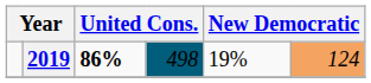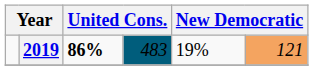 <table class="wikitable" style="float:right; width:400; font-size:90%; margin-left:1em;">
 <tr>
 <th colspan="2" scope="col">Year</th>
 <th colspan="2" scope="col"><a href='#'>United Cons.</a></th>
 <th colspan="2" scope="col"><a href='#'>New Democratic</a></th>
 </tr>
 <tr>
 <td style="width: 0.25em; background-color: "></td>
 <th><a href='#'>2019</a></th>
 <td><span> <strong>86%</strong></span></td>
-<td style="text-align:right; background:#005D7C;"><span> <em>498</em></span></td>
+<td style="text-align:right; background:#005D7C;"><span> <em>483</em></span></td>
 <td>19%</td>
-<td style="text-align:right; background:#F4A460;"><em>124</em></td>
+<td style="text-align:right; background:#F4A460;"><em>121</em></td>
 </tr>
 <tr>
 </tr>
 </table>
